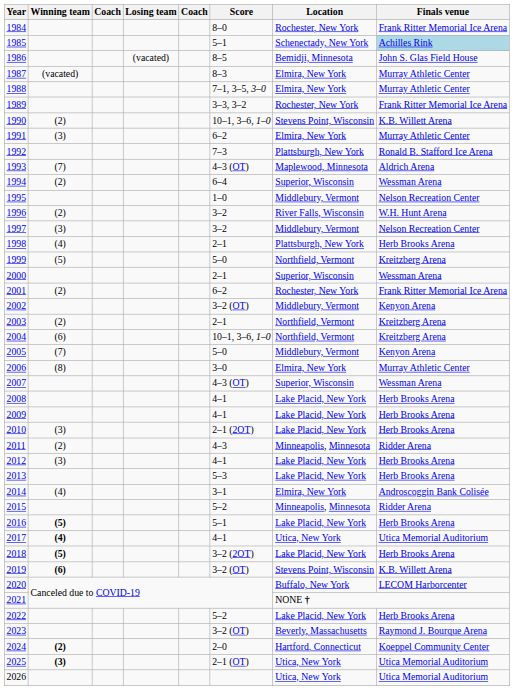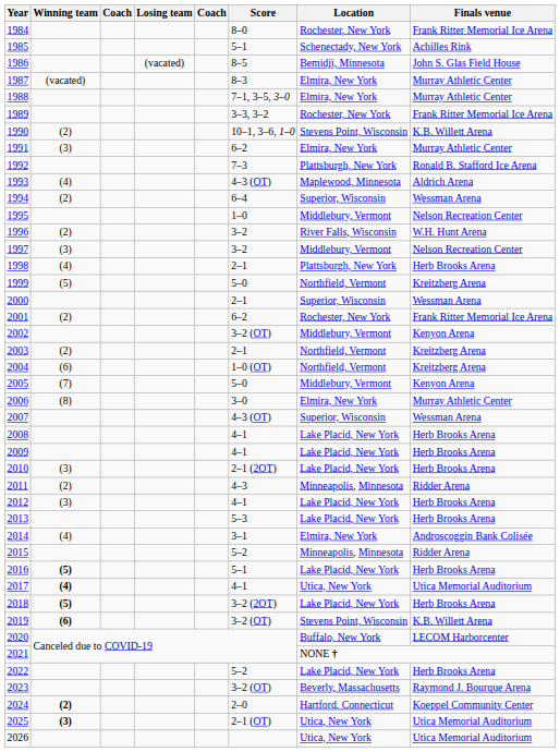 <table class="wikitable sortable">
 <tr>
 <th>Year</th>
 <th>Winning team</th>
 <th>Coach</th>
 <th>Losing team</th>
 <th>Coach</th>
 <th>Score</th>
 <th>Location</th>
 <th>Finals venue</th>
 </tr>
 <tr>
 <td><a href='#'>1984</a></td>
 <td align=center><strong><a href='#'></a></strong></td>
 <td></td>
 <td align=center><strong><a href='#'></a></strong></td>
 <td></td>
 <td>8–0</td>
 <td><a href='#'>Rochester, New York</a></td>
 <td><a href='#'>Frank Ritter Memorial Ice Arena</a></td>
 </tr>
 <tr>
 <td><a href='#'>1985</a></td>
 <td align=center><strong><a href='#'></a></strong></td>
 <td></td>
 <td align=center><strong><a href='#'></a></strong></td>
 <td></td>
 <td>5–1</td>
 <td><a href='#'>Schenectady, New York</a></td>
-<td style="background: lightblue;"><a href='#'>Achilles Rink</a></td>
+<td><a href='#'>Achilles Rink</a></td>
 </tr>
 <tr>
 <td><a href='#'>1986</a></td>
 <td align=center><strong><a href='#'></a></strong></td>
 <td></td>
 <td align=center><strong><a href='#'></a></strong> (vacated)</td>
 <td></td>
 <td>8–5</td>
 <td><a href='#'>Bemidji, Minnesota</a></td>
 <td><a href='#'>John S. Glas Field House</a></td>
 </tr>
 <tr>
 <td><a href='#'>1987</a></td>
 <td align=center><strong><a href='#'></a></strong> (vacated)</td>
 <td></td>
 <td align=center><strong></strong></td>
 <td></td>
 <td>8–3</td>
 <td><a href='#'>Elmira, New York</a></td>
 <td><a href='#'>Murray Athletic Center</a></td>
 </tr>
 <tr>
 <td><a href='#'>1988</a></td>
 <td align=center><strong><a href='#'></a></strong></td>
 <td></td>
 <td align=center><strong><a href='#'></a></strong></td>
 <td></td>
 <td>7–1, 3–5, <em>3–0</em></td>
 <td><a href='#'>Elmira, New York</a></td>
 <td><a href='#'>Murray Athletic Center</a></td>
 </tr>
 <tr>
 <td><a href='#'>1989</a></td>
 <td align=center><strong></strong></td>
 <td></td>
 <td align=center><strong><a href='#'></a></strong></td>
 <td></td>
 <td>3–3, 3–2</td>
 <td><a href='#'>Rochester, New York</a></td>
 <td><a href='#'>Frank Ritter Memorial Ice Arena</a></td>
 </tr>
 <tr>
 <td><a href='#'>1990</a></td>
 <td align=center><strong></strong> (2)</td>
 <td></td>
 <td align=center><strong><a href='#'></a></strong></td>
 <td></td>
 <td>10–1, 3–6, <em>1–0</em></td>
 <td><a href='#'>Stevens Point, Wisconsin</a></td>
 <td><a href='#'>K.B. Willett Arena</a></td>
 </tr>
 <tr>
 <td><a href='#'>1991</a></td>
 <td align=center><strong></strong> (3)</td>
 <td></td>
 <td align=center><strong></strong></td>
 <td></td>
 <td>6–2</td>
 <td><a href='#'>Elmira, New York</a></td>
 <td><a href='#'>Murray Athletic Center</a></td>
 </tr>
 <tr>
 <td><a href='#'>1992</a></td>
 <td align=center><strong><a href='#'></a></strong></td>
 <td></td>
 <td align=center><strong></strong></td>
 <td></td>
 <td>7–3</td>
 <td><a href='#'>Plattsburgh, New York</a></td>
 <td><a href='#'>Ronald B. Stafford Ice Arena</a></td>
 </tr>
 <tr>
 <td><a href='#'>1993</a></td>
-<td align=center><strong><a href='#'></a></strong> (7)</td>
+<td align=center><strong></strong> (4)</td>
 <td></td>
 <td align=center><strong><a href='#'></a></strong></td>
 <td></td>
 <td>4–3 (<a href='#'>OT</a>)</td>
 <td><a href='#'>Maplewood, Minnesota</a></td>
 <td><a href='#'>Aldrich Arena</a></td>
 </tr>
 <tr>
 <td><a href='#'>1994</a></td>
 <td align=center><strong><a href='#'></a></strong> (2)</td>
 <td></td>
 <td align=center><strong></strong></td>
 <td></td>
 <td>6–4</td>
 <td><a href='#'>Superior, Wisconsin</a></td>
 <td><a href='#'>Wessman Arena</a></td>
 </tr>
 <tr>
 <td><a href='#'>1995</a></td>
 <td align=center><strong><a href='#'></a></strong></td>
 <td></td>
 <td align=center><strong><a href='#'></a></strong></td>
 <td></td>
 <td>1–0</td>
 <td><a href='#'>Middlebury, Vermont</a></td>
 <td><a href='#'>Nelson Recreation Center</a></td>
 </tr>
 <tr>
 <td><a href='#'>1996</a></td>
 <td align=center><strong><a href='#'></a></strong> (2)</td>
 <td></td>
 <td align=center><strong><a href='#'></a></strong></td>
 <td></td>
 <td>3–2</td>
 <td><a href='#'>River Falls, Wisconsin</a></td>
 <td><a href='#'>W.H. Hunt Arena</a></td>
 </tr>
 <tr>
 <td><a href='#'>1997</a></td>
 <td align=center><strong><a href='#'></a></strong> (3)</td>
 <td></td>
 <td align=center><strong></strong></td>
 <td></td>
 <td>3–2</td>
 <td><a href='#'>Middlebury, Vermont</a></td>
 <td><a href='#'>Nelson Recreation Center</a></td>
 </tr>
 <tr>
 <td><a href='#'>1998</a></td>
 <td align=center><strong><a href='#'></a></strong> (4)</td>
 <td></td>
 <td align=center><strong></strong></td>
 <td></td>
 <td>2–1</td>
 <td><a href='#'>Plattsburgh, New York</a></td>
 <td><a href='#'>Herb Brooks Arena</a></td>
 </tr>
 <tr>
 <td><a href='#'>1999</a></td>
 <td align=center><strong><a href='#'></a></strong> (5)</td>
 <td></td>
 <td align=center><strong></strong></td>
 <td></td>
 <td>5–0</td>
 <td><a href='#'>Northfield, Vermont</a></td>
 <td><a href='#'>Kreitzberg Arena</a></td>
 </tr>
 <tr>
 <td><a href='#'>2000</a></td>
 <td align=center><strong><a href='#'></a></strong></td>
 <td></td>
 <td align=center><strong><a href='#'></a></strong></td>
 <td></td>
 <td>2–1</td>
 <td><a href='#'>Superior, Wisconsin</a></td>
 <td><a href='#'>Wessman Arena</a></td>
 </tr>
 <tr>
 <td><a href='#'>2001</a></td>
 <td align=center><strong><a href='#'></a></strong> (2)</td>
 <td></td>
 <td align=center><strong><a href='#'></a></strong></td>
 <td></td>
 <td>6–2</td>
 <td><a href='#'>Rochester, New York</a></td>
 <td><a href='#'>Frank Ritter Memorial Ice Arena</a></td>
 </tr>
 <tr>
 <td><a href='#'>2002</a></td>
 <td align=center><strong></strong></td>
 <td></td>
 <td align=center><strong><a href='#'></a></strong></td>
 <td></td>
 <td>3–2 (<a href='#'>OT</a>)</td>
 <td><a href='#'>Middlebury, Vermont</a></td>
 <td><a href='#'>Kenyon Arena</a></td>
 </tr>
 <tr>
 <td><a href='#'>2003</a></td>
 <td align=center><strong><a href='#'></a></strong> (2)</td>
 <td></td>
 <td align=center><strong></strong></td>
 <td></td>
 <td>2–1</td>
 <td><a href='#'>Northfield, Vermont</a></td>
 <td><a href='#'>Kreitzberg Arena</a></td>
 </tr>
 <tr>
 <td><a href='#'>2004</a></td>
 <td align=center><strong><a href='#'></a></strong> (6)</td>
 <td></td>
 <td align=center><strong></strong></td>
 <td></td>
-<td>10–1, 3–6, <em>1–0</em></td>
+<td>1–0 (<a href='#'>OT</a>)</td>
 <td><a href='#'>Northfield, Vermont</a></td>
 <td><a href='#'>Kreitzberg Arena</a></td>
 </tr>
 <tr>
 <td><a href='#'>2005</a></td>
 <td align=center><strong><a href='#'></a></strong> (7)</td>
 <td></td>
 <td align=center><strong><a href='#'></a></strong></td>
 <td></td>
 <td>5–0</td>
 <td><a href='#'>Middlebury, Vermont</a></td>
 <td><a href='#'>Kenyon Arena</a></td>
 </tr>
 <tr>
 <td><a href='#'>2006</a></td>
 <td align=center><strong><a href='#'></a></strong> (8)</td>
 <td></td>
 <td align=center><strong></strong></td>
 <td></td>
 <td>3–0</td>
 <td><a href='#'>Elmira, New York</a></td>
 <td><a href='#'>Murray Athletic Center</a></td>
 </tr>
 <tr>
 <td><a href='#'>2007</a></td>
 <td align=center><strong></strong></td>
 <td></td>
 <td align=center><strong><a href='#'></a></strong></td>
 <td></td>
 <td>4–3 (<a href='#'>OT</a>)</td>
 <td><a href='#'>Superior, Wisconsin</a></td>
 <td><a href='#'>Wessman Arena</a></td>
 </tr>
 <tr>
 <td><a href='#'>2008</a></td>
 <td align=center><strong></strong></td>
 <td></td>
 <td align=center><strong><a href='#'></a></strong></td>
 <td></td>
 <td>4–1</td>
 <td><a href='#'>Lake Placid, New York</a></td>
 <td><a href='#'>Herb Brooks Arena</a></td>
 </tr>
 <tr>
 <td><a href='#'>2009</a></td>
 <td align=center><strong></strong></td>
 <td></td>
 <td align=center><strong></strong></td>
 <td></td>
 <td>4–1</td>
 <td><a href='#'>Lake Placid, New York</a></td>
 <td><a href='#'>Herb Brooks Arena</a></td>
 </tr>
 <tr>
 <td><a href='#'>2010</a></td>
 <td align=center><strong><a href='#'></a></strong> (3)</td>
 <td></td>
 <td align=center><strong></strong></td>
 <td></td>
 <td>2–1 (<a href='#'>2OT</a>)</td>
 <td><a href='#'>Lake Placid, New York</a></td>
 <td><a href='#'>Herb Brooks Arena</a></td>
 </tr>
 <tr>
 <td><a href='#'>2011</a></td>
 <td align=center><strong></strong> (2)</td>
 <td></td>
 <td align=center><strong></strong></td>
 <td></td>
 <td>4–3</td>
 <td><a href='#'>Minneapolis</a>, <a href='#'>Minnesota</a></td>
 <td><a href='#'>Ridder Arena</a></td>
 </tr>
 <tr>
 <td><a href='#'>2012</a></td>
 <td align=center><strong></strong> (3)</td>
 <td></td>
 <td align=center><strong></strong></td>
 <td></td>
 <td>4–1</td>
 <td><a href='#'>Lake Placid, New York</a></td>
 <td><a href='#'>Herb Brooks Arena</a></td>
 </tr>
 <tr>
 <td><a href='#'>2013</a></td>
 <td align=center><strong></strong></td>
 <td></td>
 <td align=center><strong></strong></td>
 <td></td>
 <td>5–3</td>
 <td><a href='#'>Lake Placid, New York</a></td>
 <td><a href='#'>Herb Brooks Arena</a></td>
 </tr>
 <tr>
 <td><a href='#'>2014</a></td>
 <td align=center><strong></strong> (4)</td>
 <td></td>
 <td align=center><strong></strong></td>
 <td></td>
 <td>3–1</td>
 <td><a href='#'>Elmira, New York</a></td>
 <td><a href='#'>Androscoggin Bank Colisée</a></td>
 </tr>
 <tr>
 <td><a href='#'>2015</a></td>
 <td align=center><em><strong></td>
 <td></td>
 <td align=center></strong><strong></td>
 <td></td>
 <td>5–2</td>
 <td><a href='#'>Minneapolis</a>, <a href='#'>Minnesota</a></td>
 <td><a href='#'>Ridder Arena</a></td>
 </tr>
 <tr>
 <td><a href='#'>2016</a></td>
 <td align=center></strong><strong> (5)</td>
 <td></td>
 <td align=center></strong><strong></td>
 <td></td>
 <td>5–1</td>
 <td><a href='#'>Lake Placid, New York</a></td>
 <td><a href='#'>Herb Brooks Arena</a></td>
 </tr>
 <tr>
 <td><a href='#'>2017</a></td>
 <td align=center></strong><a href='#'></a><strong> (4)</td>
 <td></td>
 <td align=center></strong><strong></td>
 <td></td>
 <td>4–1</td>
 <td><a href='#'>Utica, New York</a></td>
 <td><a href='#'>Utica Memorial Auditorium</a></td>
 </tr>
 <tr>
 <td><a href='#'>2018</a></td>
 <td align=center></strong><strong> (5)</td>
 <td></td>
 <td align=center></strong><a href='#'></a><strong></td>
 <td></td>
 <td>3–2 (<a href='#'>2OT</a>)</td>
 <td><a href='#'>Lake Placid, New York</a></td>
 <td><a href='#'>Herb Brooks Arena</a></td>
 </tr>
 <tr>
 <td><a href='#'>2019</a></td>
 <td align=center></strong><strong> (6)</td>
 <td></td>
 <td align=center></strong><a href='#'></a><strong></td>
 <td></td>
 <td>3–2 (<a href='#'>OT</a>)</td>
 <td><a href='#'>Stevens Point, Wisconsin</a></td>
 <td><a href='#'>K.B. Willett Arena</a></td>
 </tr>
 <tr>
 <td><a href='#'>2020</a></td>
 <td colspan=5 rowspan=2></em>Canceled due to <a href='#'>COVID-19</a><em></td>
 <td><a href='#'>Buffalo, New York</a></td>
 <td><a href='#'>LECOM Harborcenter</a></td>
 </tr>
 <tr>
 <td><a href='#'>2021</a></td>
 <td colspan=2></strong>NONE<strong> †</td>
 </tr>
 <tr>
 <td><a href='#'>2022</a></td>
 <td align=center></strong><strong></td>
 <td></td>
 <td align=center></strong><a href='#'></a><strong></td>
 <td></td>
 <td>5–2</td>
 <td><a href='#'>Lake Placid, New York</a></td>
 <td><a href='#'>Herb Brooks Arena</a></td>
 </tr>
 <tr>
 <td><a href='#'>2023</a></td>
 <td align=center></strong><a href='#'></a><strong></td>
 <td></td>
 <td align=center></strong><strong></td>
 <td></td>
 <td>3–2 (<a href='#'>OT</a>)</td>
 <td><a href='#'>Beverly, Massachusetts</a></td>
 <td><a href='#'>Raymond J. Bourque Arena</a></td>
 </tr>
 <tr>
 <td><a href='#'>2024</a></td>
 <td align=center></strong><a href='#'></a><strong> (2)</td>
 <td></td>
 <td align=center></strong><strong></td>
 <td></td>
 <td>2–0</td>
 <td><a href='#'>Hartford, Connecticut</a></td>
 <td><a href='#'>Koeppel Community Center</a></td>
 </tr>
 <tr>
 <td><a href='#'>2025</a></td>
 <td align=center></strong><a href='#'></a><strong> (3)</td>
 <td></td>
 <td align=center></strong><a href='#'></a><strong></td>
 <td></td>
 <td>2–1 (<a href='#'>OT</a>)</td>
 <td><a href='#'>Utica, New York</a></td>
 <td><a href='#'>Utica Memorial Auditorium</a></td>
 </tr>
 <tr>
 <td>2026</td>
 <td></td>
 <td></td>
 <td></td>
 <td></td>
 <td></td>
 <td><a href='#'>Utica, New York</a></td>
 <td><a href='#'>Utica Memorial Auditorium</a></td>
 </tr>
 </table>
